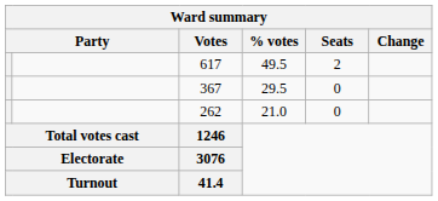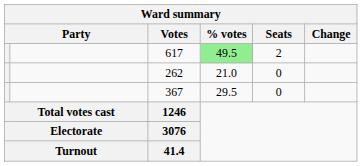 <table class="wikitable" style="font-size: 95%;">
 <tr style="background-color:#E9E9E9">
 <th colspan="6">Ward summary</th>
 </tr>
 <tr style="background-color:#E9E9E9">
 <th colspan="2">Party</th>
 <th style="width: 60px">Votes</th>
 <th style="width: 60px">% votes</th>
 <th style="width: 60px">Seats</th>
 <th style="width: 60px">Change</th>
 </tr>
 <tr>
 <th style="background-color: "></th>
 <td style="width: 170px"><a href='#'></a></td>
 <td align="center">617</td>
-<td align="center">49.5</td>
+<td align="center" style="background: lightgreen;">49.5</td>
 <td align="center">2</td>
+<td align="center"></td>
+</tr>
+<tr>
+<th style="background-color: "></th>
+<td style="width: 170px"><a href='#'></a></td>
+<td align="center">262</td>
+<td align="center">21.0</td>
+<td align="center">0</td>
 <td align="center"></td>
 </tr>
 <tr>
 <th style="background-color: "></th>
 <td style="width: 170px"><a href='#'></a></td>
 <td align="center">367</td>
 <td align="center">29.5</td>
-<td align="center">0</td>
-<td align="center"></td>
-</tr>
-<tr>
-<th style="background-color: "></th>
-<td style="width: 170px"><a href='#'></a></td>
-<td align="center">262</td>
-<td align="center">21.0</td>
 <td align="center">0</td>
 <td align="center"></td>
 </tr>
 <tr style="background-color:#E9E9E9">
 <th colspan="2">Total votes cast</th>
 <th style="width: 60px">1246</th>
 </tr>
 <tr style="background-color:#E9E9E9">
 <th colspan="2">Electorate</th>
 <th style="width: 60px">3076</th>
 </tr>
 <tr style="background-color:#E9E9E9">
 <th colspan="2">Turnout</th>
 <th style="width: 60px">41.4</th>
 </tr>
 </table>
